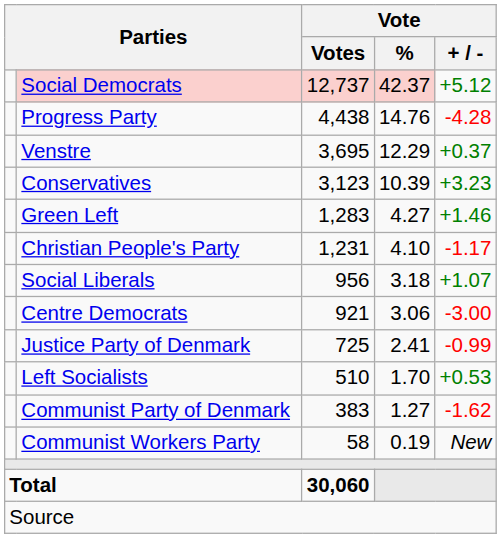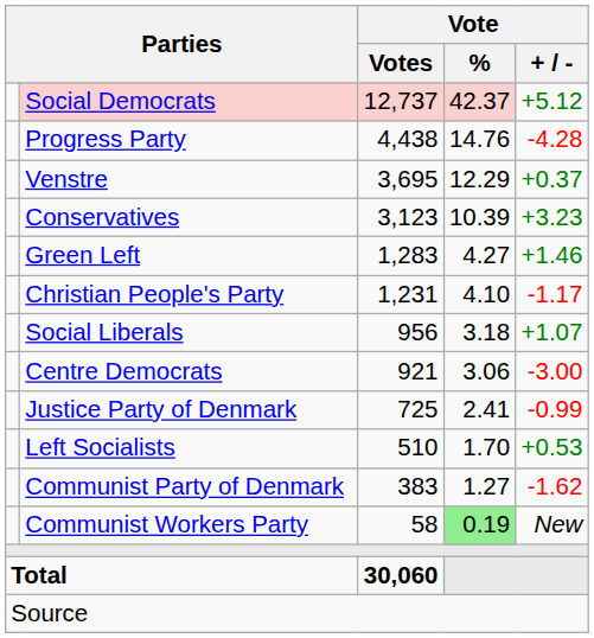 <table class="wikitable" style="text-align:right;">
 <tr>
 <th style="text-align:centre;" rowspan="2" colspan="2" width="225">Parties</th>
 <th colspan="3">Vote</th>
 </tr>
 <tr>
 <th width="15">Votes</th>
 <th width="15">%</th>
 <th width="15">+ / -</th>
 </tr>
 <tr>
 <td width="2" style="color:inherit;background:"></td>
 <td bgcolor=#fbd0ce  align="left"><a href='#'>Social Democrats</a></td>
 <td bgcolor=#fbd0ce>12,737</td>
 <td bgcolor=#fbd0ce>42.37</td>
 <td style=color:green;>+5.12</td>
 </tr>
 <tr>
 <td width="2" style="color:inherit;background:"></td>
 <td align="left"><a href='#'>Progress Party</a></td>
 <td>4,438</td>
 <td>14.76</td>
 <td style=color:red;>-4.28</td>
 </tr>
 <tr>
 <td width="2" style="color:inherit;background:"></td>
 <td align="left"><a href='#'>Venstre</a></td>
 <td>3,695</td>
 <td>12.29</td>
 <td style=color:green;>+0.37</td>
 </tr>
 <tr>
 <td width="2" style="color:inherit;background:"></td>
 <td align="left"><a href='#'>Conservatives</a></td>
 <td>3,123</td>
 <td>10.39</td>
 <td style=color:green;>+3.23</td>
 </tr>
 <tr>
 <td width="2" style="color:inherit;background:"></td>
 <td align="left"><a href='#'>Green Left</a></td>
 <td>1,283</td>
 <td>4.27</td>
 <td style=color:green;>+1.46</td>
 </tr>
 <tr>
 <td width="2" style="color:inherit;background:"></td>
 <td align="left"><a href='#'>Christian People's Party</a></td>
 <td>1,231</td>
 <td>4.10</td>
 <td style=color:red;>-1.17</td>
 </tr>
 <tr>
 <td width="2" style="color:inherit;background:"></td>
 <td align="left"><a href='#'>Social Liberals</a></td>
 <td>956</td>
 <td>3.18</td>
 <td style=color:green;>+1.07</td>
 </tr>
 <tr>
 <td width="2" style="color:inherit;background:"></td>
 <td align="left"><a href='#'>Centre Democrats</a></td>
 <td>921</td>
 <td>3.06</td>
 <td style=color:red;>-3.00</td>
 </tr>
 <tr>
 <td width="2" style="color:inherit;background:"></td>
 <td align="left"><a href='#'>Justice Party of Denmark</a></td>
 <td>725</td>
 <td>2.41</td>
 <td style=color:red;>-0.99</td>
 </tr>
 <tr>
 <td width="2" style="color:inherit;background:"></td>
 <td align="left"><a href='#'>Left Socialists</a></td>
 <td>510</td>
 <td>1.70</td>
 <td style=color:green;>+0.53</td>
 </tr>
 <tr>
 <td width="2" style="color:inherit;background:"></td>
 <td align="left"><a href='#'>Communist Party of Denmark</a></td>
 <td>383</td>
 <td>1.27</td>
 <td style=color:red;>-1.62</td>
 </tr>
 <tr>
 <td width="2" style="color:inherit;background:"></td>
 <td align="left"><a href='#'>Communist Workers Party</a></td>
 <td>58</td>
-<td>0.19</td>
+<td style="background: lightgreen;">0.19</td>
 <td><em>New</em></td>
 </tr>
 <tr>
 <td colspan="7" bgcolor="#E9E9E9"></td>
 </tr>
 <tr>
 <td align="left" colspan="2"><strong>Total</strong></td>
 <td><strong>30,060</strong></td>
 <td bgcolor="#E9E9E9" colspan="2"></td>
 </tr>
 <tr>
 <td align="left" colspan="6">Source</td>
 </tr>
 </table>
